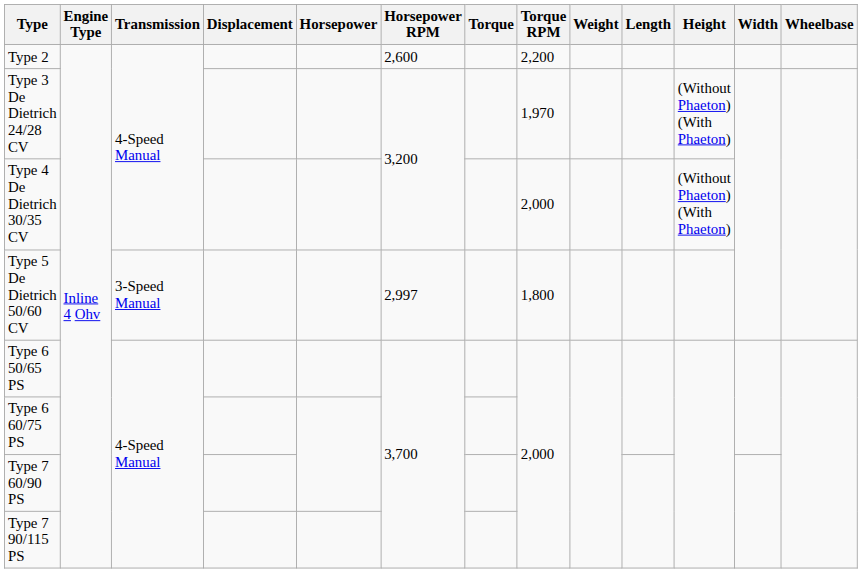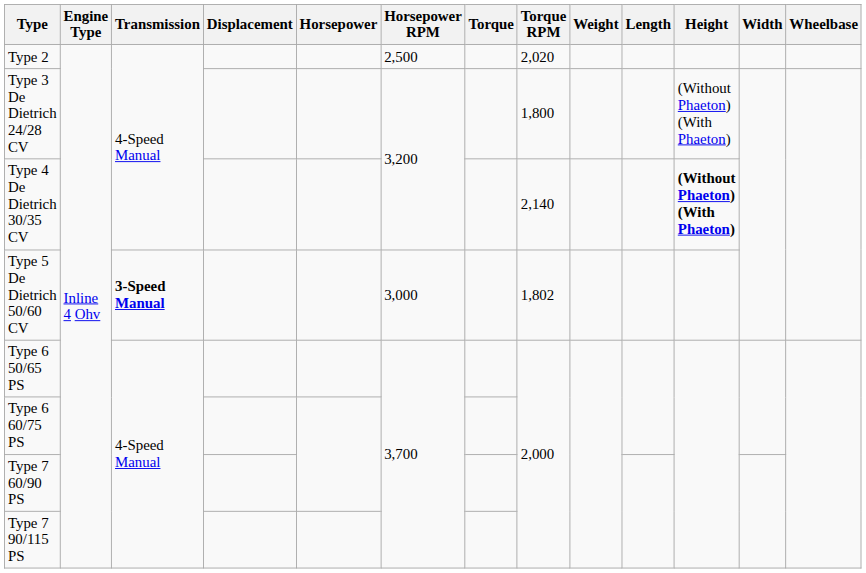 <table class="wikitable sortable">
 <tr>
 <th>Type</th>
 <th>Engine Type</th>
 <th>Transmission</th>
 <th>Displacement</th>
 <th>Horsepower</th>
 <th>Horsepower RPM</th>
 <th>Torque</th>
 <th>Torque RPM</th>
 <th>Weight</th>
 <th>Length</th>
 <th>Height</th>
 <th>Width</th>
 <th>Wheelbase</th>
 </tr>
 <tr>
 <td>Type 2 </td>
 <td rowspan="8"><a href='#'>Inline 4</a> <a href='#'>Ohv</a></td>
 <td rowspan="3">4-Speed <a href='#'>Manual</a></td>
 <td></td>
 <td></td>
-<td>2,600</td>
+<td>2,500</td>
 <td></td>
-<td>2,200</td>
+<td>2,020</td>
 <td></td>
 <td></td>
 <td></td>
 <td></td>
 <td></td>
 </tr>
 <tr>
 <td>Type 3<br>De Dietrich 24/28 CV </td>
 <td></td>
 <td></td>
 <td rowspan="2">3,200</td>
 <td></td>
-<td>1,970</td>
+<td>1,800</td>
 <td></td>
 <td></td>
 <td> (Without <a href='#'>Phaeton</a>)<br> (With <a href='#'>Phaeton</a>)</td>
 <td rowspan="3"></td>
 <td rowspan="3"></td>
 </tr>
 <tr>
 <td>Type 4<br>De Dietrich 30/35 CV </td>
 <td></td>
 <td></td>
 <td></td>
-<td>2,000</td>
+<td>2,140</td>
 <td></td>
 <td></td>
-<td> (Without <a href='#'>Phaeton</a>)<br> (With <a href='#'>Phaeton</a>)</td>
+<td><strong> (Without <a href='#'>Phaeton</a>)<br> (With <a href='#'>Phaeton</a>)</strong></td>
 </tr>
 <tr>
 <td>Type 5<br>De Dietrich 50/60 CV </td>
-<td>3-Speed <a href='#'>Manual</a></td>
+<td><strong>3-Speed <a href='#'>Manual</a></strong></td>
 <td></td>
 <td></td>
-<td>2,997</td>
+<td>3,000</td>
 <td></td>
-<td>1,800</td>
+<td>1,802</td>
 <td></td>
 <td></td>
 <td></td>
 </tr>
 <tr>
 <td>Type 6 50/65 PS </td>
 <td rowspan="4">4-Speed <a href='#'>Manual</a></td>
 <td></td>
 <td></td>
 <td rowspan="4">3,700</td>
 <td></td>
 <td rowspan="4">2,000</td>
 <td rowspan="4"></td>
 <td rowspan="2"></td>
 <td rowspan="4"></td>
 <td rowspan="2"></td>
 <td rowspan="4"></td>
 </tr>
 <tr>
 <td>Type 6 60/75 PS </td>
 <td></td>
 <td rowspan="2"></td>
 <td></td>
 </tr>
 <tr>
 <td>Type 7 60/90 PS </td>
 <td></td>
 <td></td>
 <td rowspan="2"></td>
 <td rowspan="2"></td>
 </tr>
 <tr>
 <td>Type 7 90/115 PS </td>
 <td></td>
 <td></td>
 <td></td>
 </tr>
 </table>
